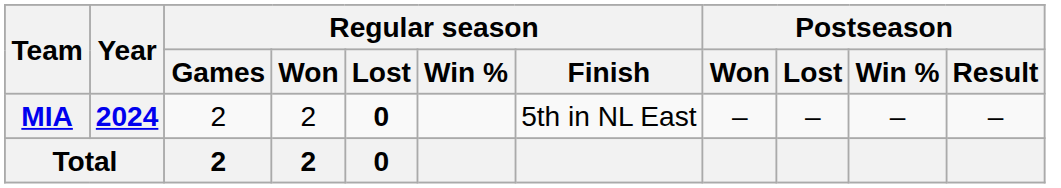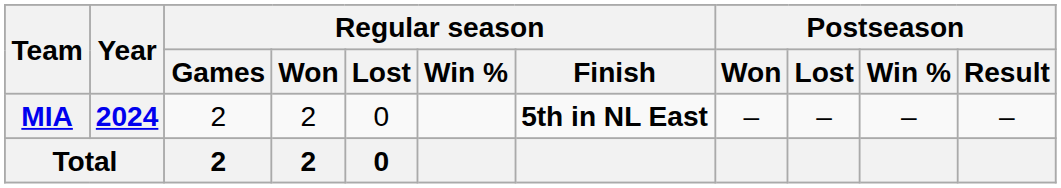 <table class="wikitable" style="font-size: 95%; text-align:center;">
 <tr>
 <th rowspan="2">Team</th>
 <th rowspan="2">Year</th>
 <th colspan="5">Regular season</th>
 <th colspan="4">Postseason</th>
 </tr>
 <tr>
 <th>Games</th>
 <th>Won</th>
 <th>Lost</th>
 <th>Win %</th>
 <th>Finish</th>
 <th>Won</th>
 <th>Lost</th>
 <th>Win %</th>
 <th>Result</th>
 </tr>
 <tr style="background:;" !>
 <th><a href='#'>MIA</a></th>
 <th><a href='#'>2024</a></th>
 <td>2</td>
 <td>2</td>
-<td><strong>0</strong></td>
+<td>0</td>
 <td></td>
-<td>5th in NL East</td>
+<td><strong>5th in NL East</strong></td>
 <td>–</td>
 <td>–</td>
 <td>–</td>
 <td>–</td>
 </tr>
 <tr>
 <th colspan="2">Total</th>
 <th>2</th>
 <th>2</th>
 <th>0</th>
 <th></th>
 <th></th>
 <th></th>
 <th></th>
 <th></th>
 <th></th>
 </tr>
 </table>
